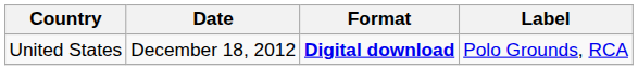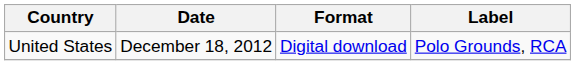 <table class="wikitable">
 <tr>
 <th>Country</th>
 <th>Date</th>
 <th>Format</th>
 <th>Label</th>
 </tr>
 <tr>
 <td>United States</td>
 <td>December 18, 2012</td>
-<td><strong><a href='#'>Digital download</a></strong></td>
+<td><a href='#'>Digital download</a></td>
 <td><a href='#'>Polo Grounds</a>, <a href='#'>RCA</a></td>
 </tr>
 <tr>
 </tr>
 </table>
